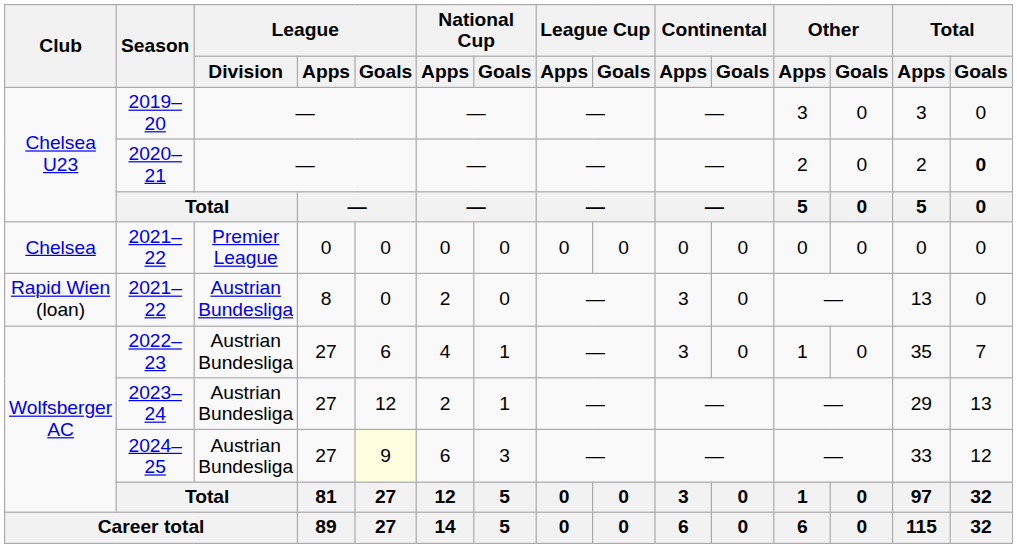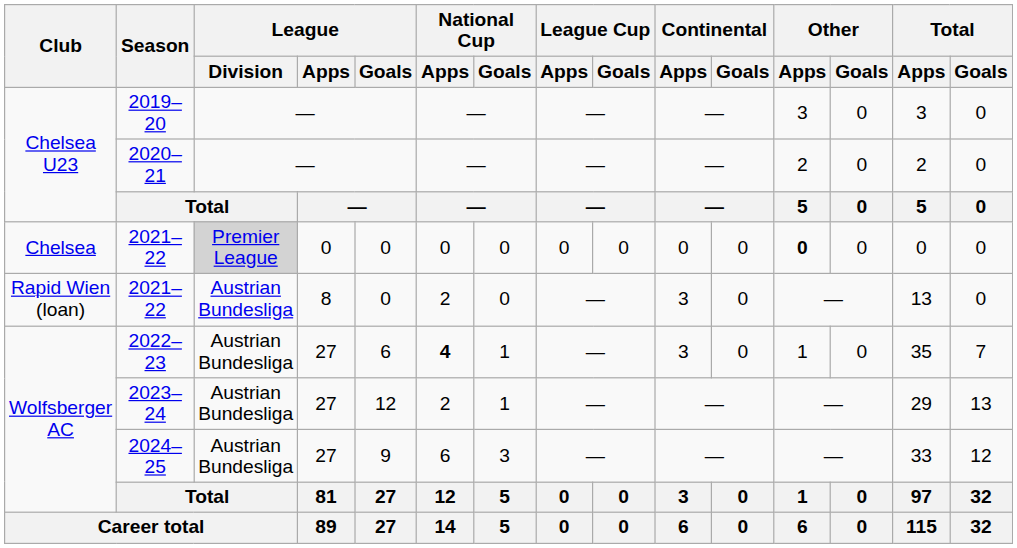 <table class=wikitable style="text-align: center">
 <tr>
 <th rowspan=2>Club</th>
 <th rowspan=2>Season</th>
 <th colspan=3>League</th>
 <th colspan=2>National Cup</th>
 <th colspan=2>League Cup</th>
 <th colspan=2>Continental</th>
 <th colspan=2>Other</th>
 <th colspan=2>Total</th>
 </tr>
 <tr>
 <th>Division</th>
 <th>Apps</th>
 <th>Goals</th>
 <th>Apps</th>
 <th>Goals</th>
 <th>Apps</th>
 <th>Goals</th>
 <th>Apps</th>
 <th>Goals</th>
 <th>Apps</th>
 <th>Goals</th>
 <th>Apps</th>
 <th>Goals</th>
 </tr>
 <tr>
 <td rowspan="3"><a href='#'>Chelsea U23</a></td>
 <td><a href='#'>2019–20</a></td>
 <td colspan=3>—</td>
 <td colspan=2>—</td>
 <td colspan=2>—</td>
 <td colspan=2>—</td>
 <td>3</td>
 <td>0</td>
 <td>3</td>
 <td>0</td>
 </tr>
 <tr>
 <td><a href='#'>2020–21</a></td>
 <td colspan=3>—</td>
 <td colspan=2>—</td>
 <td colspan=2>—</td>
 <td colspan=2>—</td>
 <td>2</td>
 <td>0</td>
 <td>2</td>
-<td><strong>0</strong></td>
+<td>0</td>
 </tr>
 <tr>
 <th colspan="2">Total</th>
 <th colspan=2>—</th>
 <th colspan=2>—</th>
 <th colspan=2>—</th>
 <th colspan=2>—</th>
 <th>5</th>
 <th>0</th>
 <th>5</th>
 <th>0</th>
 </tr>
 <tr>
 <td><a href='#'>Chelsea</a></td>
 <td><a href='#'>2021–22</a></td>
-<td><a href='#'>Premier League</a></td>
+<td style="background: lightgrey;"><a href='#'>Premier League</a></td>
 <td>0</td>
 <td>0</td>
 <td>0</td>
 <td>0</td>
 <td>0</td>
 <td>0</td>
 <td>0</td>
 <td>0</td>
-<td>0</td>
+<td><strong>0</strong></td>
 <td>0</td>
 <td>0</td>
 <td>0</td>
 </tr>
 <tr>
 <td><a href='#'>Rapid Wien</a> (loan)</td>
 <td><a href='#'>2021–22</a></td>
 <td><a href='#'>Austrian Bundesliga</a></td>
 <td>8</td>
 <td>0</td>
 <td>2</td>
 <td>0</td>
 <td colspan="2">—</td>
 <td>3</td>
 <td>0</td>
 <td colspan="2">—</td>
 <td>13</td>
 <td>0</td>
 </tr>
 <tr>
 <td rowspan="4"><a href='#'>Wolfsberger AC</a></td>
 <td><a href='#'>2022–23</a></td>
 <td>Austrian Bundesliga</td>
 <td>27</td>
 <td>6</td>
-<td>4</td>
+<td><strong>4</strong></td>
 <td>1</td>
 <td colspan="2">—</td>
 <td>3</td>
 <td>0</td>
 <td>1</td>
 <td>0</td>
 <td>35</td>
 <td>7</td>
 </tr>
 <tr>
 <td><a href='#'>2023–24</a></td>
 <td>Austrian Bundesliga</td>
 <td>27</td>
 <td>12</td>
 <td>2</td>
 <td>1</td>
 <td colspan="2">—</td>
 <td colspan="2">—</td>
 <td colspan="2">—</td>
 <td>29</td>
 <td>13</td>
 </tr>
 <tr>
 <td><a href='#'>2024–25</a></td>
 <td>Austrian Bundesliga</td>
 <td>27</td>
-<td style="background: lightyellow;">9</td>
+<td>9</td>
 <td>6</td>
 <td>3</td>
 <td colspan="2">—</td>
 <td colspan="2">—</td>
 <td colspan="2">—</td>
 <td>33</td>
 <td>12</td>
 </tr>
 <tr>
 <th colspan="2">Total</th>
 <th>81</th>
 <th>27</th>
 <th>12</th>
 <th>5</th>
 <th>0</th>
 <th>0</th>
 <th>3</th>
 <th>0</th>
 <th>1</th>
 <th>0</th>
 <th>97</th>
 <th>32</th>
 </tr>
 <tr>
 <th colspan="3">Career total</th>
 <th>89</th>
 <th>27</th>
 <th>14</th>
 <th>5</th>
 <th>0</th>
 <th>0</th>
 <th>6</th>
 <th>0</th>
 <th>6</th>
 <th>0</th>
 <th>115</th>
 <th>32</th>
 </tr>
 </table>
